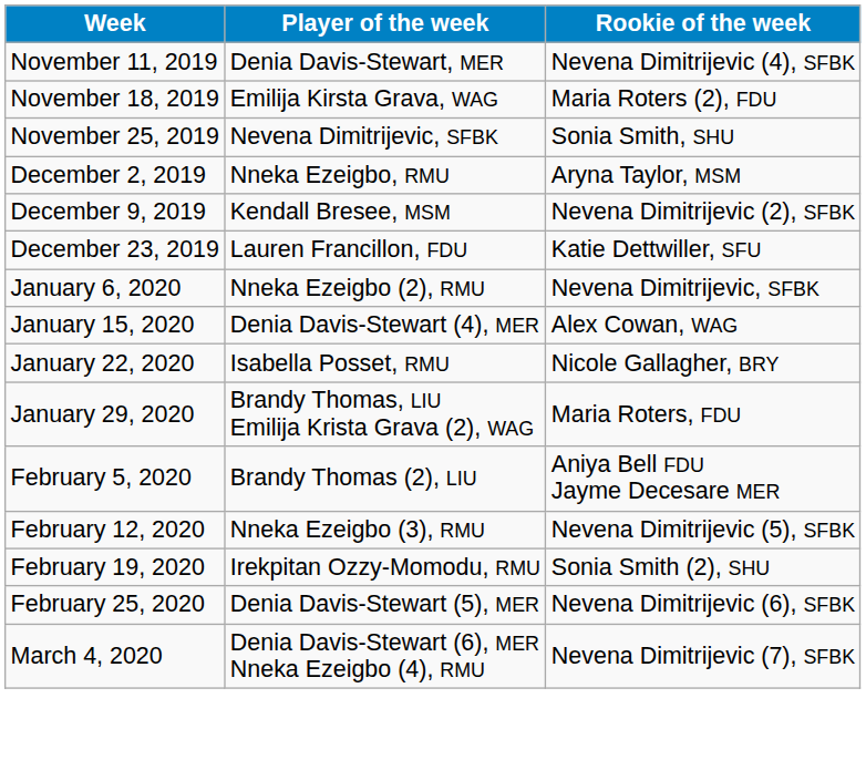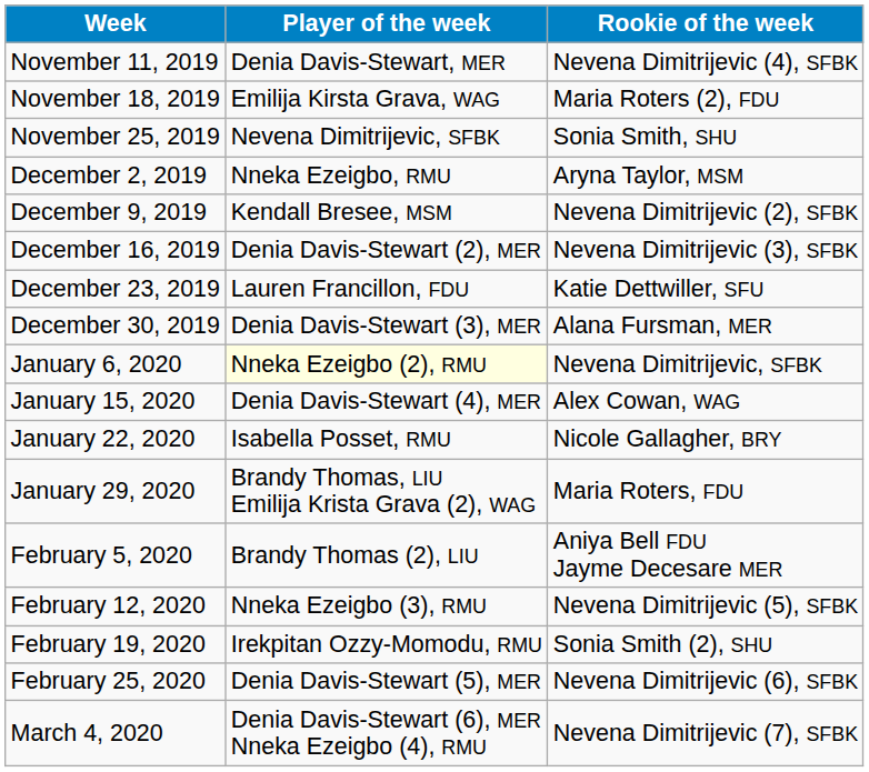 <table class="wikitable" border="1">
 <tr>
 <th align="center" style="background:#0081C4; color:#FFFFFF;">Week</th>
 <th align="center" style="background:#0081C4; color:#FFFFFF;">Player of the week</th>
 <th align="center" style="background:#0081C4; color:#FFFFFF;">Rookie of the week</th>
 </tr>
 <tr>
 <td>November 11, 2019</td>
 <td>Denia Davis-Stewart, <small>MER</small></td>
 <td>Nevena Dimitrijevic (4), <small>SFBK</small></td>
 </tr>
 <tr>
 <td>November 18, 2019</td>
 <td>Emilija Kirsta Grava, <small>WAG</small></td>
 <td>Maria Roters (2), <small>FDU</small></td>
 </tr>
 <tr>
 <td>November 25, 2019</td>
 <td>Nevena Dimitrijevic, <small>SFBK</small></td>
 <td>Sonia Smith, <small>SHU</small></td>
 </tr>
 <tr>
 <td>December 2, 2019</td>
 <td>Nneka Ezeigbo, <small>RMU</small></td>
 <td>Aryna Taylor, <small>MSM</small></td>
 </tr>
 <tr>
 <td>December 9, 2019</td>
 <td>Kendall Bresee, <small>MSM</small></td>
 <td>Nevena Dimitrijevic (2), <small>SFBK</small></td>
 </tr>
 <tr>
+<td>December 16, 2019</td>
+<td>Denia Davis-Stewart (2), <small>MER</small></td>
+<td>Nevena Dimitrijevic (3), <small>SFBK</small></td>
+</tr>
+<tr>
 <td>December 23, 2019</td>
 <td>Lauren Francillon, <small>FDU</small></td>
 <td>Katie Dettwiller, <small>SFU</small></td>
 </tr>
 <tr>
+<td>December 30, 2019</td>
+<td>Denia Davis-Stewart (3), <small>MER</small></td>
+<td>Alana Fursman, <small>MER</small></td>
+</tr>
+<tr>
 <td>January 6, 2020</td>
-<td>Nneka Ezeigbo (2), <small>RMU</small></td>
+<td style="background: lightyellow;">Nneka Ezeigbo (2), <small>RMU</small></td>
 <td>Nevena Dimitrijevic, <small>SFBK</small></td>
 </tr>
 <tr>
 <td>January 15, 2020</td>
 <td>Denia Davis-Stewart (4), <small>MER</small></td>
 <td>Alex Cowan, <small>WAG</small></td>
 </tr>
 <tr>
 <td>January 22, 2020</td>
 <td>Isabella Posset, <small>RMU</small></td>
 <td>Nicole Gallagher, <small>BRY</small></td>
 </tr>
 <tr>
 <td>January 29, 2020</td>
 <td>Brandy Thomas, <small>LIU</small> <br> Emilija Krista Grava (2), <small>WAG</small></td>
 <td>Maria Roters, <small>FDU</small></td>
 </tr>
 <tr>
 <td>February 5, 2020</td>
 <td>Brandy Thomas (2), <small>LIU</small></td>
 <td>Aniya Bell <small>FDU</small> <br> Jayme Decesare <small>MER</small></td>
 </tr>
 <tr>
 <td>February 12, 2020</td>
 <td>Nneka Ezeigbo (3), <small>RMU</small></td>
 <td>Nevena Dimitrijevic (5), <small>SFBK</small></td>
 </tr>
 <tr>
 <td>February 19, 2020</td>
 <td>Irekpitan Ozzy-Momodu, <small>RMU</small></td>
 <td>Sonia Smith (2), <small>SHU</small></td>
 </tr>
 <tr>
 <td>February 25, 2020</td>
 <td>Denia Davis-Stewart (5), <small>MER</small></td>
 <td>Nevena Dimitrijevic (6), <small>SFBK</small></td>
 </tr>
 <tr>
 <td>March 4, 2020</td>
 <td>Denia Davis-Stewart (6), <small>MER</small> <br> Nneka Ezeigbo (4), <small>RMU</small></td>
 <td>Nevena Dimitrijevic (7), <small>SFBK</small></td>
 </tr>
 </table>
